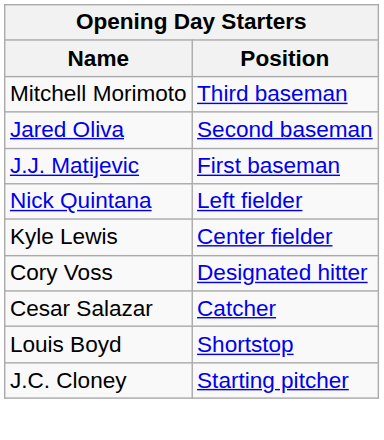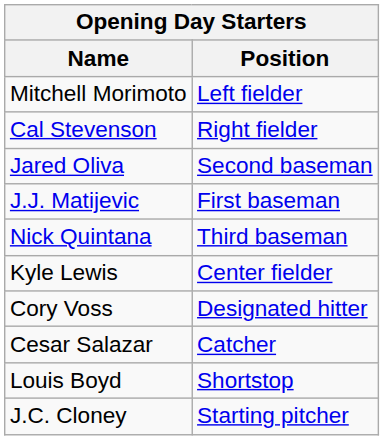 <table class="wikitable" style="text-align:left">
 <tr>
 <th colspan="2">Opening Day Starters</th>
 </tr>
 <tr>
 <th>Name</th>
 <th>Position</th>
 </tr>
 <tr>
 <td>Mitchell Morimoto</td>
-<td><a href='#'>Third baseman</a></td>
+<td><a href='#'>Left fielder</a></td>
+</tr>
+<tr>
+<td><a href='#'>Cal Stevenson</a></td>
+<td><a href='#'>Right fielder</a></td>
 </tr>
 <tr>
 <td><a href='#'>Jared Oliva</a></td>
 <td><a href='#'>Second baseman</a></td>
 </tr>
 <tr>
 <td><a href='#'>J.J. Matijevic</a></td>
 <td><a href='#'>First baseman</a></td>
 </tr>
 <tr>
 <td><a href='#'>Nick Quintana</a></td>
-<td><a href='#'>Left fielder</a></td>
+<td><a href='#'>Third baseman</a></td>
 </tr>
 <tr>
 <td>Kyle Lewis</td>
 <td><a href='#'>Center fielder</a></td>
 </tr>
 <tr>
 <td>Cory Voss</td>
 <td><a href='#'>Designated hitter</a></td>
 </tr>
 <tr>
 <td>Cesar Salazar</td>
 <td><a href='#'>Catcher</a></td>
 </tr>
 <tr>
 <td>Louis Boyd</td>
 <td><a href='#'>Shortstop</a></td>
 </tr>
 <tr>
 <td>J.C. Cloney</td>
 <td><a href='#'>Starting pitcher</a></td>
 </tr>
 </table>
